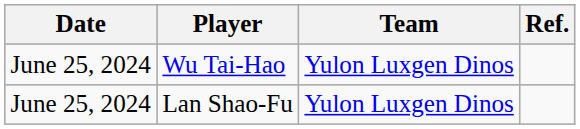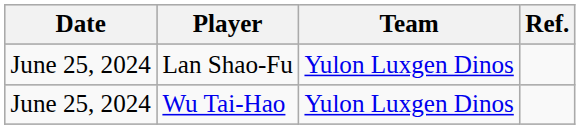 <table class="wikitable">
 <tr>
 <th>Date</th>
 <th>Player</th>
 <th>Team</th>
 <th>Ref.</th>
 </tr>
 <tr>
 <td>June 25, 2024</td>
-<td><a href='#'>Wu Tai-Hao</a></td>
+<td>Lan Shao-Fu</td>
 <td><a href='#'>Yulon Luxgen Dinos</a></td>
 <td></td>
 </tr>
 <tr>
 <td>June 25, 2024</td>
-<td>Lan Shao-Fu</td>
+<td><a href='#'>Wu Tai-Hao</a></td>
 <td><a href='#'>Yulon Luxgen Dinos</a></td>
 <td></td>
 </tr>
 </table>
